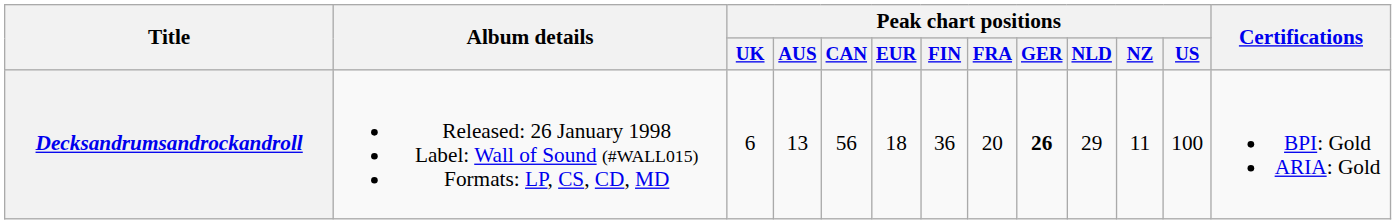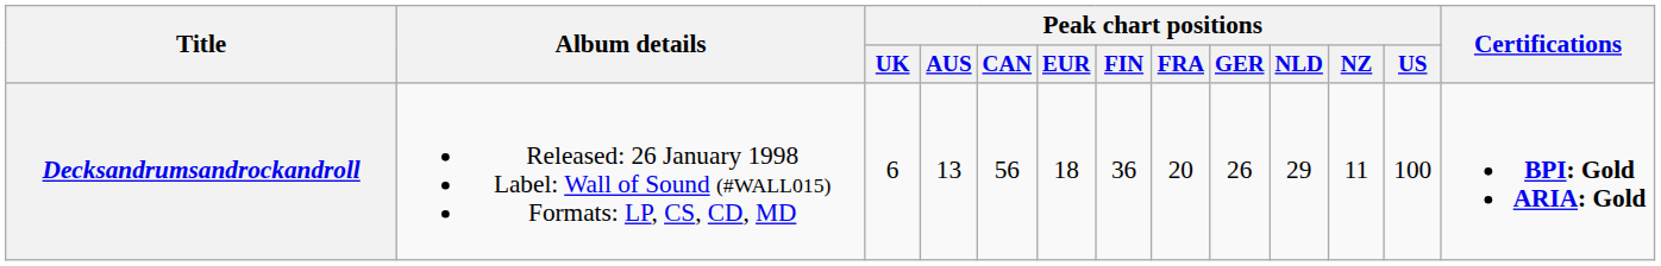 <table class="wikitable plainrowheaders" style="text-align:center;">
 <tr>
 <th scope="col" rowspan="2" style="width:15em;">Title</th>
 <th scope="col" rowspan="2" style="width:18em;">Album details</th>
 <th scope="col" colspan="10">Peak chart positions</th>
 <th scope="col" rowspan="2" style="width:8em;"><a href='#'>Certifications</a></th>
 </tr>
 <tr>
 <th style="width:2em;font-size:90%;"><a href='#'>UK</a><br></th>
 <th style="width:2em;font-size:90%;"><a href='#'>AUS</a><br></th>
 <th style="width:2em;font-size:90%;"><a href='#'>CAN</a><br></th>
 <th style="width:2em;font-size:90%;"><a href='#'>EUR</a><br></th>
 <th style="width:2em;font-size:90%;"><a href='#'>FIN</a><br></th>
 <th style="width:2em;font-size:90%;"><a href='#'>FRA</a><br></th>
 <th style="width:2em;font-size:90%;"><a href='#'>GER</a><br></th>
 <th style="width:2em;font-size:90%;"><a href='#'>NLD</a><br></th>
 <th style="width:2em;font-size:90%;"><a href='#'>NZ</a><br></th>
 <th style="width:2em;font-size:90%;"><a href='#'>US</a><br></th>
 </tr>
 <tr>
 <th scope="row"><em><a href='#'>Decksandrumsandrockandroll</a></em></th>
 <td><br><ul><li>Released: 26 January 1998</li><li>Label: <a href='#'>Wall of Sound</a> <small>(#WALL015)</small></li><li>Formats: <a href='#'>LP</a>, <a href='#'>CS</a>, <a href='#'>CD</a>, <a href='#'>MD</a></li></ul></td>
 <td>6</td>
 <td>13</td>
 <td>56</td>
 <td>18</td>
 <td>36</td>
 <td>20</td>
-<td><strong>26</strong></td>
+<td>26</td>
 <td>29</td>
 <td>11</td>
 <td>100</td>
-<td><br><ul><li><a href='#'>BPI</a>: Gold</li><li><a href='#'>ARIA</a>: Gold</li></ul></td>
+<td><strong><br><ul><li><a href='#'>BPI</a>: Gold</li><li><a href='#'>ARIA</a>: Gold</li></ul></strong></td>
 </tr>
 </table>
